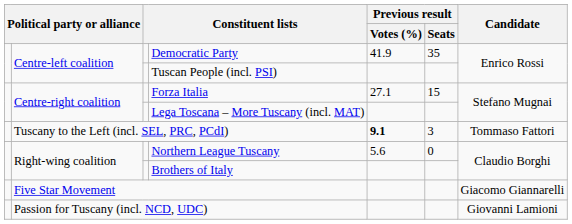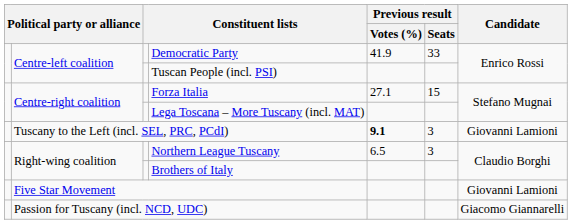 <table class="wikitable" style="text-align:left">
 <tr>
 <th colspan=2 rowspan="2">Political party or alliance</th>
 <th colspan=2 rowspan="2">Constituent lists</th>
 <th colspan="2">Previous result</th>
 <th rowspan="2">Candidate</th>
 </tr>
 <tr>
 <th>Votes (%)</th>
 <th>Seats</th>
 </tr>
 <tr>
 <td rowspan="2"></td>
 <td rowspan="2"><a href='#'>Centre-left coalition</a></td>
 <td></td>
 <td style="text-align:left;"><a href='#'>Democratic Party</a></td>
 <td>41.9</td>
-<td>35</td>
+<td>33</td>
 <td rowspan="2" style="text-align: center;">Enrico Rossi</td>
 </tr>
 <tr>
 <td></td>
 <td>Tuscan People (incl. <a href='#'>PSI</a>)</td>
 <td></td>
 <td></td>
 </tr>
 <tr>
 <td rowspan="2"></td>
 <td rowspan="2"><a href='#'>Centre-right coalition</a></td>
 <td></td>
 <td style="text-align:left;"><a href='#'>Forza Italia</a></td>
 <td>27.1</td>
 <td>15</td>
 <td rowspan="2" style="text-align: center;">Stefano Mugnai</td>
 </tr>
 <tr>
 <td></td>
 <td><a href='#'>Lega Toscana</a> – <a href='#'>More Tuscany</a> (incl. <a href='#'>MAT</a>)</td>
 <td></td>
 <td></td>
 </tr>
 <tr>
 <td style="background-color:"></td>
 <td colspan="3">Tuscany to the Left (incl. <a href='#'>SEL</a>, <a href='#'>PRC</a>, <a href='#'>PCdI</a>)</td>
 <td><strong>9.1</strong></td>
 <td>3</td>
-<td style="text-align: center;">Tommaso Fattori</td>
+<td style="text-align: center;">Giovanni Lamioni</td>
 </tr>
 <tr>
 <td rowspan="2" style="background:"></td>
 <td rowspan=2>Right-wing coalition</td>
 <td></td>
 <td style="text-align:left;"><a href='#'>Northern League Tuscany</a></td>
-<td>5.6</td>
-<td>0</td>
+<td>6.5</td>
+<td>3</td>
 <td rowspan="2" style="text-align: center;">Claudio Borghi</td>
 </tr>
 <tr>
 <td></td>
 <td style="text-align:left;"><a href='#'>Brothers of Italy</a></td>
 <td></td>
 <td></td>
 </tr>
 <tr>
 <td style="background-color:"></td>
 <td colspan="3"><a href='#'>Five Star Movement</a></td>
 <td></td>
 <td></td>
-<td style="text-align: center;">Giacomo Giannarelli</td>
+<td style="text-align: center;">Giovanni Lamioni</td>
 </tr>
 <tr>
 <td style="background-color:"></td>
 <td colspan="3">Passion for Tuscany (incl. <a href='#'>NCD</a>, <a href='#'>UDC</a>)</td>
 <td></td>
 <td></td>
-<td style="text-align: center;">Giovanni Lamioni</td>
+<td style="text-align: center;">Giacomo Giannarelli</td>
 </tr>
 </table>
